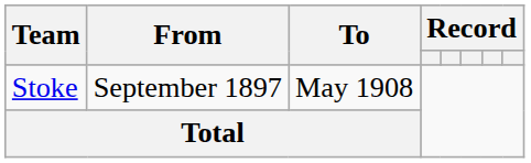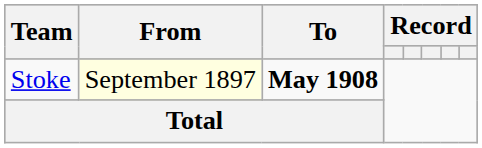 <table class="wikitable" style="text-align:center">
 <tr>
 <th rowspan="2">Team</th>
 <th rowspan="2">From</th>
 <th rowspan="2">To</th>
 <th colspan="5">Record</th>
 </tr>
 <tr>
 <th></th>
 <th></th>
 <th></th>
 <th></th>
 <th></th>
 </tr>
 <tr>
 <td align=left><a href='#'>Stoke</a></td>
-<td align=left>September 1897</td>
-<td align=left>May 1908<br></td>
+<td align=left style="background: lightyellow;">September 1897</td>
+<td align=left><strong>May 1908<br></strong></td>
 </tr>
 <tr>
 <th colspan="3">Total<br></th>
 </tr>
 </table>
